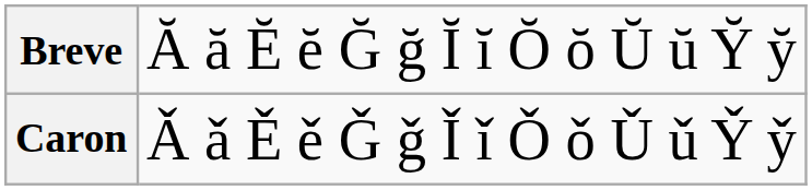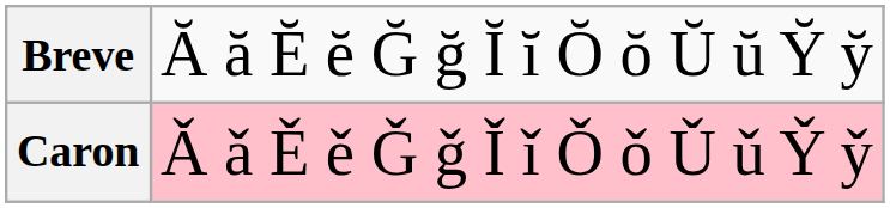 <table class="wikitable">
 <tr>
 <th>Breve</th>
 <td><big><big>Ă ă Ĕ ĕ Ğ ğ Ĭ ĭ Ŏ ŏ Ŭ ŭ Y̆ y̆</big></big></td>
 </tr>
 <tr>
 <th>Caron</th>
-<td><big><big>Ǎ ǎ Ě ě Ǧ ǧ Ǐ ǐ Ǒ ǒ Ǔ ǔ Y̌ y̌</big></big></td>
+<td style="background: pink;"><big><big>Ǎ ǎ Ě ě Ǧ ǧ Ǐ ǐ Ǒ ǒ Ǔ ǔ Y̌ y̌</big></big></td>
 </tr>
 </table>
